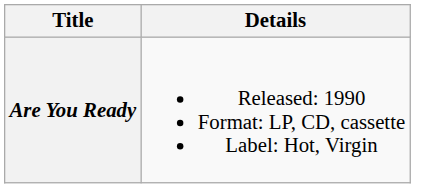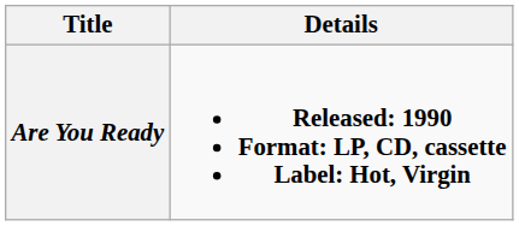 <table class="wikitable plainrowheaders" style="text-align:center;" border="1">
 <tr>
 <th>Title</th>
 <th>Details</th>
 </tr>
 <tr>
 <th scope="row"><em>Are You Ready</em></th>
-<td><br><ul><li>Released: 1990</li><li>Format: LP, CD, cassette</li><li>Label: Hot, Virgin</li></ul></td>
+<td><strong><br><ul><li>Released: 1990</li><li>Format: LP, CD, cassette</li><li>Label: Hot, Virgin</li></ul></strong></td>
 </tr>
 </table>
